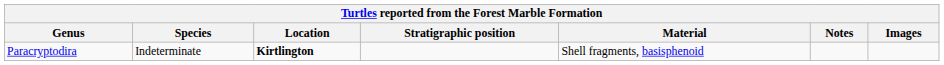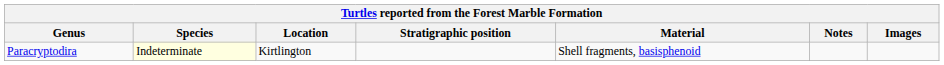 <table class="wikitable" align="center" width="100%">
 <tr>
 <th colspan="7" align="center"><strong><a href='#'>Turtles</a> reported from the Forest Marble Formation</strong></th>
 </tr>
 <tr>
 <th>Genus</th>
 <th>Species</th>
 <th>Location</th>
 <th>Stratigraphic position</th>
 <th>Material</th>
 <th>Notes</th>
 <th>Images</th>
 </tr>
 <tr>
 <td><a href='#'>Paracryptodira</a></td>
-<td>Indeterminate</td>
-<td><strong>Kirtlington</strong></td>
+<td style="background: lightyellow;">Indeterminate</td>
+<td>Kirtlington</td>
 <td></td>
 <td>Shell fragments, <a href='#'>basisphenoid</a></td>
 <td></td>
 <td></td>
 </tr>
 </table>
